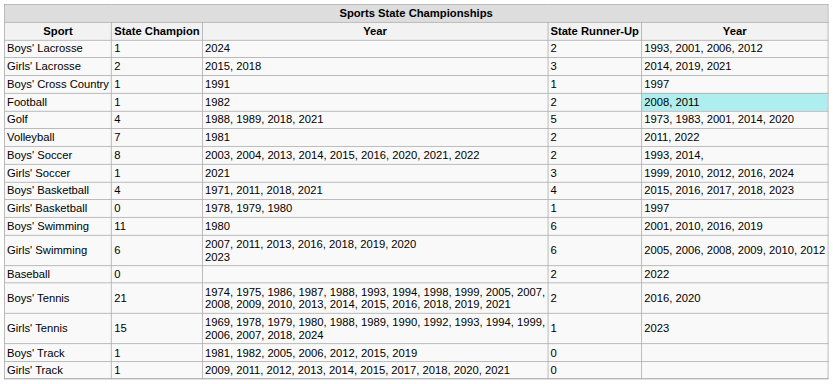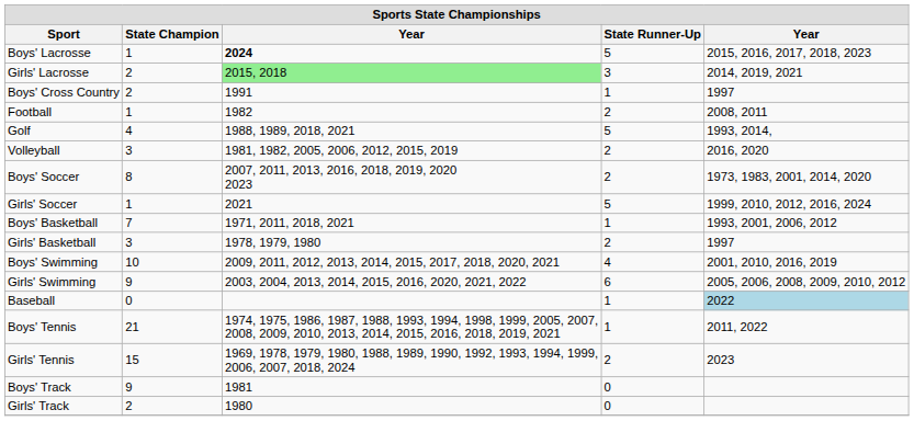 <table class="wikitable" style="white-space:nowrap; font-size:90%;">
 <tr>
 <td colspan="10" style="text-align:center; background:#DDDDDD; font:#000000"><strong>Sports State Championships</strong></td>
 </tr>
 <tr bgcolor="#efefef">
 <th>Sport</th>
 <th>State Champion</th>
 <th>Year</th>
 <th>State Runner-Up</th>
 <th>Year</th>
 </tr>
 <tr>
 <td>Boys' Lacrosse</td>
 <td>1</td>
-<td>2024</td>
-<td>2</td>
-<td>1993, 2001, 2006, 2012</td>
+<td><strong>2024</strong></td>
+<td>5</td>
+<td>2015, 2016, 2017, 2018, 2023</td>
 </tr>
 <tr>
 <td>Girls' Lacrosse</td>
 <td>2</td>
-<td>2015, 2018</td>
+<td style="background: lightgreen;">2015, 2018</td>
 <td>3</td>
 <td>2014, 2019, 2021</td>
 </tr>
 <tr>
 <td>Boys' Cross Country</td>
-<td>1</td>
+<td>2</td>
 <td>1991</td>
 <td>1</td>
 <td>1997</td>
 </tr>
 <tr>
 <td>Football</td>
 <td>1</td>
 <td>1982</td>
 <td>2</td>
-<td style="background: paleturquoise;">2008, 2011</td>
+<td>2008, 2011</td>
 </tr>
 <tr>
 <td>Golf</td>
 <td>4</td>
 <td>1988, 1989, 2018, 2021</td>
 <td>5</td>
-<td>1973, 1983, 2001, 2014, 2020</td>
+<td>1993, 2014,</td>
 </tr>
 <tr>
 <td>Volleyball</td>
-<td>7</td>
-<td>1981</td>
+<td>3</td>
+<td>1981, 1982, 2005, 2006, 2012, 2015, 2019</td>
 <td>2</td>
-<td>2011, 2022</td>
+<td>2016, 2020</td>
 </tr>
 <tr>
 <td>Boys' Soccer</td>
 <td>8</td>
-<td>2003, 2004, 2013, 2014, 2015, 2016, 2020, 2021, 2022</td>
+<td>2007, 2011, 2013, 2016, 2018, 2019, 2020<br>2023</td>
 <td>2</td>
-<td>1993, 2014,</td>
+<td>1973, 1983, 2001, 2014, 2020</td>
 </tr>
 <tr>
 <td>Girls' Soccer</td>
 <td>1</td>
 <td>2021</td>
-<td>3</td>
+<td>5</td>
 <td>1999, 2010, 2012, 2016, 2024</td>
 </tr>
 <tr>
 <td>Boys' Basketball</td>
-<td>4</td>
+<td>7</td>
 <td>1971, 2011, 2018, 2021</td>
-<td>4</td>
-<td>2015, 2016, 2017, 2018, 2023</td>
+<td>1</td>
+<td>1993, 2001, 2006, 2012</td>
 </tr>
 <tr>
 <td>Girls' Basketball</td>
-<td>0</td>
+<td>3</td>
 <td>1978, 1979, 1980</td>
-<td>1</td>
+<td>2</td>
 <td>1997</td>
 </tr>
 <tr>
 <td>Boys' Swimming</td>
-<td>11</td>
-<td>1980</td>
-<td>6</td>
+<td>10</td>
+<td>2009, 2011, 2012, 2013, 2014, 2015, 2017, 2018, 2020, 2021</td>
+<td>4</td>
 <td>2001, 2010, 2016, 2019</td>
 </tr>
 <tr>
 <td>Girls' Swimming</td>
-<td>6</td>
-<td>2007, 2011, 2013, 2016, 2018, 2019, 2020<br>2023</td>
+<td>9</td>
+<td>2003, 2004, 2013, 2014, 2015, 2016, 2020, 2021, 2022</td>
 <td>6</td>
 <td>2005, 2006, 2008, 2009, 2010, 2012</td>
 </tr>
 <tr>
 <td>Baseball</td>
 <td>0</td>
 <td></td>
-<td>2</td>
-<td>2022</td>
+<td>1</td>
+<td style="background: lightblue;">2022</td>
 </tr>
 <tr>
 <td>Boys' Tennis</td>
 <td>21</td>
 <td>1974, 1975, 1986, 1987, 1988, 1993, 1994, 1998, 1999, 2005, 2007,<br> 2008, 2009, 2010, 2013, 2014, 2015, 2016, 2018, 2019, 2021</td>
-<td>2</td>
-<td>2016, 2020</td>
+<td>1</td>
+<td>2011, 2022</td>
 </tr>
 <tr>
 <td>Girls' Tennis</td>
 <td>15</td>
 <td>1969, 1978, 1979, 1980, 1988, 1989, 1990, 1992, 1993, 1994, 1999,<br> 2006, 2007, 2018, 2024</td>
-<td>1</td>
+<td>2</td>
 <td>2023</td>
 </tr>
 <tr>
 <td>Boys' Track</td>
-<td>1</td>
-<td>1981, 1982, 2005, 2006, 2012, 2015, 2019</td>
+<td>9</td>
+<td>1981</td>
 <td>0</td>
 <td></td>
 </tr>
 <tr>
 <td>Girls' Track</td>
-<td>1</td>
-<td>2009, 2011, 2012, 2013, 2014, 2015, 2017, 2018, 2020, 2021</td>
+<td>2</td>
+<td>1980</td>
 <td>0</td>
 <td></td>
 </tr>
 <tr>
 </tr>
 </table>
